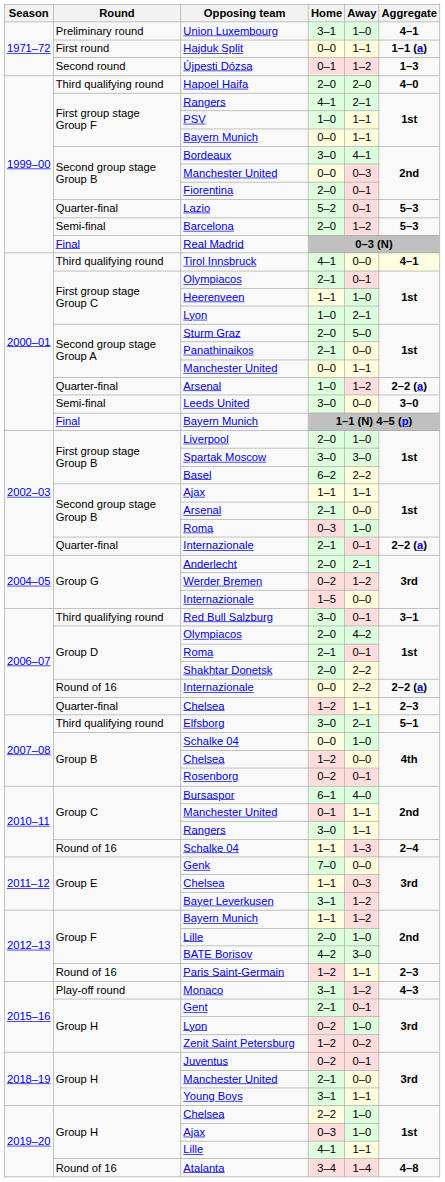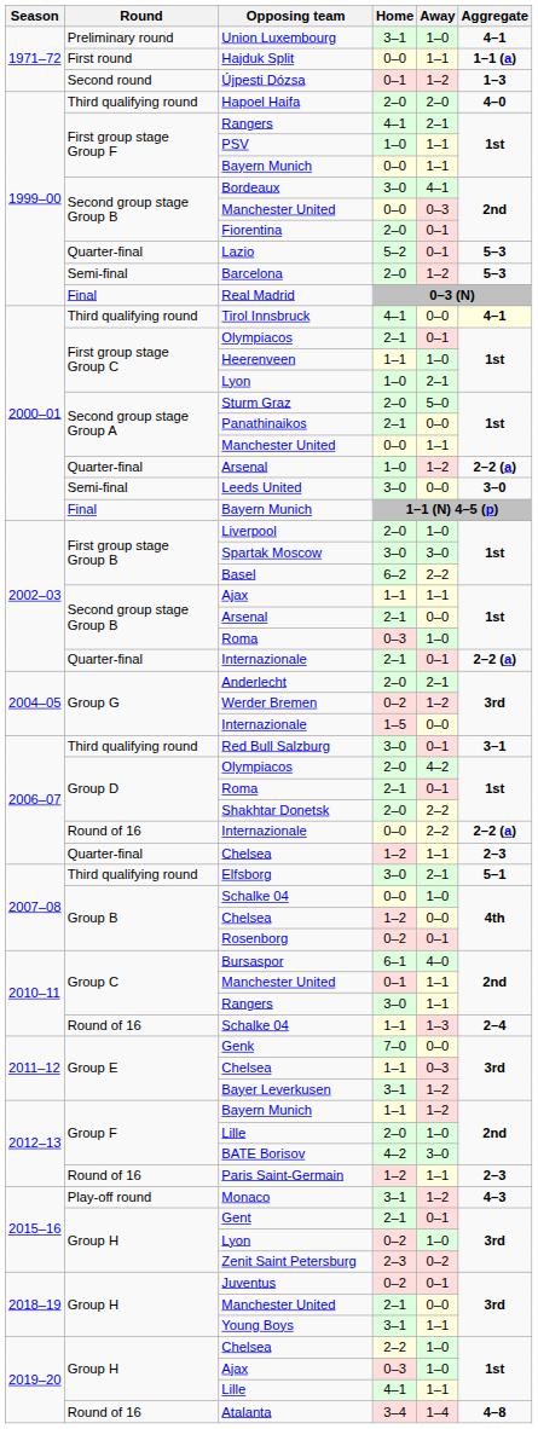 <table class="wikitable">
 <tr>
 <th>Season</th>
 <th width=175>Round</th>
 <th width=175>Opposing team</th>
 <th>Home</th>
 <th>Away</th>
 <th>Aggregate</th>
 </tr>
 <tr>
 <td rowspan="3"><a href='#'>1971–72</a></td>
 <td>Preliminary round</td>
 <td> <a href='#'>Union Luxembourg</a></td>
 <td style="text-align:center; background:#dfd;">3–1</td>
 <td style="text-align:center; background:#dfd;">1–0</td>
 <td style="text-align:center;"><strong>4–1</strong></td>
 </tr>
 <tr>
 <td>First round</td>
 <td> <a href='#'>Hajduk Split</a></td>
 <td style="text-align:center; background:#ffd;">0–0</td>
 <td style="text-align:center; background:#ffd;">1–1</td>
 <td style="text-align:center;"><strong>1–1 (<a href='#'>a</a>)</strong></td>
 </tr>
 <tr>
 <td>Second round</td>
 <td> <a href='#'>Újpesti Dózsa</a></td>
 <td style="text-align:center; background:#fdd;">0–1</td>
 <td style="text-align:center; background:#fdd;">1–2</td>
 <td style="text-align:center;"><strong>1–3</strong></td>
 </tr>
 <tr>
 <td rowspan="10"><a href='#'>1999–00</a></td>
 <td>Third qualifying round</td>
 <td> <a href='#'>Hapoel Haifa</a></td>
 <td style="text-align:center; background:#dfd;">2–0</td>
 <td style="text-align:center; background:#dfd;">2–0</td>
 <td style="text-align:center;"><strong>4–0</strong></td>
 </tr>
 <tr>
 <td rowspan="3">First group stage<br>Group F</td>
 <td> <a href='#'>Rangers</a></td>
 <td style="text-align:center; background:#dfd;">4–1</td>
 <td style="text-align:center; background:#dfd;">2–1</td>
 <td style="text-align:center;" rowspan=3><strong>1st</strong></td>
 </tr>
 <tr>
 <td> <a href='#'>PSV</a></td>
 <td style="text-align:center; background:#dfd;">1–0</td>
 <td style="text-align:center; background:#ffd;">1–1</td>
 </tr>
 <tr>
 <td> <a href='#'>Bayern Munich</a></td>
 <td style="text-align:center; background:#ffd;">0–0</td>
 <td style="text-align:center; background:#ffd;">1–1</td>
 </tr>
 <tr>
 <td rowspan="3">Second group stage<br>Group B</td>
 <td> <a href='#'>Bordeaux</a></td>
 <td style="text-align:center; background:#dfd;">3–0</td>
 <td style="text-align:center; background:#dfd;">4–1</td>
 <td style="text-align:center;" rowspan=3><strong>2nd</strong></td>
 </tr>
 <tr>
 <td> <a href='#'>Manchester United</a></td>
 <td style="text-align:center; background:#ffd;">0–0</td>
 <td style="text-align:center; background:#fdd;">0–3</td>
 </tr>
 <tr>
 <td> <a href='#'>Fiorentina</a></td>
 <td style="text-align:center; background:#dfd;">2–0</td>
 <td style="text-align:center; background:#fdd;">0–1</td>
 </tr>
 <tr>
 <td>Quarter-final</td>
 <td> <a href='#'>Lazio</a></td>
 <td style="text-align:center; background:#dfd;">5–2</td>
 <td style="text-align:center; background:#fdd;">0–1</td>
 <td style="text-align:center;"><strong>5–3</strong></td>
 </tr>
 <tr>
 <td>Semi-final</td>
 <td> <a href='#'>Barcelona</a></td>
 <td style="text-align:center; background:#dfd;">2–0</td>
 <td style="text-align:center; background:#fdd;">1–2</td>
 <td style="text-align:center;"><strong>5–3</strong></td>
 </tr>
 <tr>
 <td><a href='#'>Final</a></td>
 <td> <a href='#'>Real Madrid</a></td>
 <td bgcolor="silver" colspan="3" style="text-align:center;"><strong>0–3 (N)</strong></td>
 </tr>
 <tr>
 <td rowspan="10"><a href='#'>2000–01</a></td>
 <td>Third qualifying round</td>
 <td> <a href='#'>Tirol Innsbruck</a></td>
 <td style="text-align:center; background:#dfd;">4–1</td>
 <td style="text-align:center; background:#ffd;">0–0</td>
 <td style="background: lightyellow; text-align:center;"><strong>4–1</strong></td>
 </tr>
 <tr>
 <td rowspan="3">First group stage<br>Group C</td>
 <td> <a href='#'>Olympiacos</a></td>
 <td style="text-align:center; background:#dfd;">2–1</td>
 <td style="text-align:center; background:#fdd;">0–1</td>
 <td style="text-align:center;" rowspan=3><strong>1st</strong></td>
 </tr>
 <tr>
 <td> <a href='#'>Heerenveen</a></td>
 <td style="text-align:center; background:#ffd;">1–1</td>
 <td style="text-align:center; background:#dfd;">1–0</td>
 </tr>
 <tr>
 <td> <a href='#'>Lyon</a></td>
 <td style="text-align:center; background:#dfd;">1–0</td>
 <td style="text-align:center; background:#dfd;">2–1</td>
 </tr>
 <tr>
 <td rowspan="3">Second group stage<br>Group A</td>
 <td> <a href='#'>Sturm Graz</a></td>
 <td style="text-align:center; background:#dfd;">2–0</td>
 <td style="text-align:center; background:#dfd;">5–0</td>
 <td style="text-align:center;" rowspan=3><strong>1st</strong></td>
 </tr>
 <tr>
 <td> <a href='#'>Panathinaikos</a></td>
 <td style="text-align:center; background:#dfd;">2–1</td>
 <td style="text-align:center; background:#ffd;">0–0</td>
 </tr>
 <tr>
 <td> <a href='#'>Manchester United</a></td>
 <td style="text-align:center; background:#ffd;">0–0</td>
 <td style="text-align:center; background:#ffd;">1–1</td>
 </tr>
 <tr>
 <td>Quarter-final</td>
 <td> <a href='#'>Arsenal</a></td>
 <td style="text-align:center; background:#dfd;">1–0</td>
 <td style="text-align:center; background:#fdd;">1–2</td>
 <td style="text-align:center;"><strong>2–2 (<a href='#'>a</a>)</strong></td>
 </tr>
 <tr>
 <td>Semi-final</td>
 <td> <a href='#'>Leeds United</a></td>
 <td style="text-align:center; background:#dfd;">3–0</td>
 <td style="text-align:center; background:#ffd;">0–0</td>
 <td style="text-align:center;"><strong>3–0</strong></td>
 </tr>
 <tr>
 <td><a href='#'>Final</a></td>
 <td> <a href='#'>Bayern Munich</a></td>
 <td bgcolor="silver" colspan="3" style="text-align:center;"><strong>1–1 (N) 4–5 (<a href='#'>p</a>)</strong></td>
 </tr>
 <tr>
 <td rowspan="7"><a href='#'>2002–03</a></td>
 <td rowspan="3">First group stage<br>Group B</td>
 <td> <a href='#'>Liverpool</a></td>
 <td style="text-align:center; background:#dfd;">2–0</td>
 <td style="text-align:center; background:#dfd;">1–0</td>
 <td style="text-align:center;" rowspan=3><strong>1st</strong></td>
 </tr>
 <tr>
 <td> <a href='#'>Spartak Moscow</a></td>
 <td style="text-align:center; background:#dfd;">3–0</td>
 <td style="text-align:center; background:#dfd;">3–0</td>
 </tr>
 <tr>
 <td> <a href='#'>Basel</a></td>
 <td style="text-align:center; background:#dfd;">6–2</td>
 <td style="text-align:center; background:#ffd;">2–2</td>
 </tr>
 <tr>
 <td rowspan="3">Second group stage<br>Group B</td>
 <td> <a href='#'>Ajax</a></td>
 <td style="text-align:center; background:#ffd;">1–1</td>
 <td style="text-align:center; background:#ffd;">1–1</td>
 <td style="text-align:center;" rowspan=3><strong>1st</strong></td>
 </tr>
 <tr>
 <td> <a href='#'>Arsenal</a></td>
 <td style="text-align:center; background:#dfd;">2–1</td>
 <td style="text-align:center; background:#ffd;">0–0</td>
 </tr>
 <tr>
 <td> <a href='#'>Roma</a></td>
 <td style="text-align:center; background:#fdd;">0–3</td>
 <td style="text-align:center; background:#dfd;">1–0</td>
 </tr>
 <tr>
 <td>Quarter-final</td>
 <td> <a href='#'>Internazionale</a></td>
 <td style="text-align:center; background:#dfd;">2–1</td>
 <td style="text-align:center; background:#fdd;">0–1</td>
 <td style="text-align:center;"><strong>2–2 (<a href='#'>a</a>)</strong></td>
 </tr>
 <tr>
 <td rowspan="3"><a href='#'>2004–05</a></td>
 <td rowspan="3">Group G</td>
 <td> <a href='#'>Anderlecht</a></td>
 <td style="text-align:center; background:#dfd;">2–0</td>
 <td style="text-align:center; background:#dfd;">2–1</td>
 <td style="text-align:center;" rowspan=3><strong>3rd</strong></td>
 </tr>
 <tr>
 <td> <a href='#'>Werder Bremen</a></td>
 <td style="text-align:center; background:#fdd;">0–2</td>
 <td style="text-align:center; background:#fdd;">1–2</td>
 </tr>
 <tr>
 <td> <a href='#'>Internazionale</a></td>
 <td style="text-align:center; background:#fdd;">1–5</td>
 <td style="text-align:center; background:#ffd;">0–0</td>
 </tr>
 <tr>
 <td rowspan="6"><a href='#'>2006–07</a></td>
 <td>Third qualifying round</td>
 <td> <a href='#'>Red Bull Salzburg</a></td>
 <td style="text-align:center; background:#dfd;">3–0</td>
 <td style="text-align:center; background:#fdd;">0–1</td>
 <td style="text-align:center;"><strong>3–1</strong></td>
 </tr>
 <tr>
 <td rowspan="3">Group D</td>
 <td> <a href='#'>Olympiacos</a></td>
 <td style="text-align:center; background:#dfd;">2–0</td>
 <td style="text-align:center; background:#dfd;">4–2</td>
 <td style="text-align:center;" rowspan=3><strong>1st</strong></td>
 </tr>
 <tr>
 <td> <a href='#'>Roma</a></td>
 <td style="text-align:center; background:#dfd;">2–1</td>
 <td style="text-align:center; background:#fdd;">0–1</td>
 </tr>
 <tr>
 <td> <a href='#'>Shakhtar Donetsk</a></td>
 <td style="text-align:center; background:#dfd;">2–0</td>
 <td style="text-align:center; background:#ffd;">2–2</td>
 </tr>
 <tr>
 <td>Round of 16</td>
 <td> <a href='#'>Internazionale</a></td>
 <td style="text-align:center; background:#ffd;">0–0</td>
 <td style="text-align:center; background:#ffd;">2–2</td>
 <td style="text-align:center;"><strong>2–2 (<a href='#'>a</a>)</strong></td>
 </tr>
 <tr>
 <td>Quarter-final</td>
 <td> <a href='#'>Chelsea</a></td>
 <td style="text-align:center; background:#fdd;">1–2</td>
 <td style="text-align:center; background:#ffd;">1–1</td>
 <td style="text-align:center;"><strong>2–3</strong></td>
 </tr>
 <tr>
 <td rowspan="4"><a href='#'>2007–08</a></td>
 <td>Third qualifying round</td>
 <td> <a href='#'>Elfsborg</a></td>
 <td style="text-align:center; background:#dfd;">3–0</td>
 <td style="text-align:center; background:#dfd;">2–1</td>
 <td style="text-align:center;"><strong>5–1</strong></td>
 </tr>
 <tr>
 <td rowspan="3">Group B</td>
 <td> <a href='#'>Schalke 04</a></td>
 <td style="text-align:center; background:#ffd;">0–0</td>
 <td style="text-align:center; background:#dfd;">1–0</td>
 <td style="text-align:center;" rowspan=3><strong>4th</strong></td>
 </tr>
 <tr>
 <td> <a href='#'>Chelsea</a></td>
 <td style="text-align:center; background:#fdd;">1–2</td>
 <td style="text-align:center; background:#ffd;">0–0</td>
 </tr>
 <tr>
 <td> <a href='#'>Rosenborg</a></td>
 <td style="text-align:center; background:#fdd;">0–2</td>
 <td style="text-align:center; background:#fdd;">0–1</td>
 </tr>
 <tr>
 <td rowspan="4"><a href='#'>2010–11</a></td>
 <td rowspan="3">Group C</td>
 <td> <a href='#'>Bursaspor</a></td>
 <td style="text-align:center; background:#dfd;">6–1</td>
 <td style="text-align:center; background:#dfd;">4–0</td>
 <td style="text-align:center;" rowspan=3><strong>2nd</strong></td>
 </tr>
 <tr>
 <td> <a href='#'>Manchester United</a></td>
 <td style="text-align:center; background:#fdd;">0–1</td>
 <td style="text-align:center; background:#ffd;">1–1</td>
 </tr>
 <tr>
 <td> <a href='#'>Rangers</a></td>
 <td style="text-align:center; background:#dfd;">3–0</td>
 <td style="text-align:center; background:#ffd;">1–1</td>
 </tr>
 <tr>
 <td>Round of 16</td>
 <td> <a href='#'>Schalke 04</a></td>
 <td style="text-align:center; background:#ffd;">1–1</td>
 <td style="text-align:center; background:#fdd;">1–3</td>
 <td style="text-align:center;"><strong>2–4</strong></td>
 </tr>
 <tr>
 <td rowspan="3"><a href='#'>2011–12</a></td>
 <td rowspan="3">Group E</td>
 <td> <a href='#'>Genk</a></td>
 <td style="text-align:center; background:#dfd;">7–0</td>
 <td style="text-align:center; background:#ffd;">0–0</td>
 <td style="text-align:center;" rowspan=3><strong>3rd</strong></td>
 </tr>
 <tr>
 <td> <a href='#'>Chelsea</a></td>
 <td style="text-align:center; background:#ffd;">1–1</td>
 <td style="text-align:center; background:#fdd;">0–3</td>
 </tr>
 <tr>
 <td> <a href='#'>Bayer Leverkusen</a></td>
 <td style="text-align:center; background:#dfd;">3–1</td>
 <td style="text-align:center; background:#fdd;">1–2</td>
 </tr>
 <tr>
 <td rowspan="4"><a href='#'>2012–13</a></td>
 <td rowspan="3">Group F</td>
 <td> <a href='#'>Bayern Munich</a></td>
 <td style="text-align:center; background:#ffd;">1–1</td>
 <td style="text-align:center; background:#fdd;">1–2</td>
 <td style="text-align:center;" rowspan=3><strong>2nd</strong></td>
 </tr>
 <tr>
 <td> <a href='#'>Lille</a></td>
 <td style="text-align:center; background:#dfd;">2–0</td>
 <td style="text-align:center; background:#dfd;">1–0</td>
 </tr>
 <tr>
 <td> <a href='#'>BATE Borisov</a></td>
 <td style="text-align:center; background:#dfd;">4–2</td>
 <td style="text-align:center; background:#dfd;">3–0</td>
 </tr>
 <tr>
 <td>Round of 16</td>
 <td> <a href='#'>Paris Saint-Germain</a></td>
 <td style="text-align:center; background:#fdd;">1–2</td>
 <td style="text-align:center; background:#ffd;">1–1</td>
 <td style="text-align:center;"><strong>2–3</strong></td>
 </tr>
 <tr>
 <td rowspan="4"><a href='#'>2015–16</a></td>
 <td>Play-off round</td>
 <td> <a href='#'>Monaco</a></td>
 <td style="text-align:center; background:#dfd;">3–1</td>
 <td style="text-align:center; background:#fdd;">1–2</td>
 <td style="text-align:center;"><strong>4–3</strong></td>
 </tr>
 <tr>
 <td rowspan="3">Group H</td>
 <td> <a href='#'>Gent</a></td>
 <td style="text-align:center; background:#dfd;">2–1</td>
 <td style="text-align:center; background:#fdd;">0–1</td>
 <td style="text-align:center;" rowspan=3><strong>3rd</strong></td>
 </tr>
 <tr>
 <td> <a href='#'>Lyon</a></td>
 <td style="text-align:center; background:#fdd;">0–2</td>
 <td style="text-align:center; background:#dfd;">1–0</td>
 </tr>
 <tr>
 <td> <a href='#'>Zenit Saint Petersburg</a></td>
-<td style="text-align:center; background:#fdd;">1–2</td>
+<td style="text-align:center; background:#fdd;">2–3</td>
 <td style="text-align:center; background:#fdd;">0–2</td>
 </tr>
 <tr>
 <td rowspan="3"><a href='#'>2018–19</a></td>
 <td rowspan="3">Group H</td>
 <td> <a href='#'>Juventus</a></td>
 <td style="text-align:center; background:#fdd;">0–2</td>
 <td style="text-align:center; background:#fdd;">0–1</td>
 <td style="text-align:center;" rowspan=3><strong>3rd</strong></td>
 </tr>
 <tr>
 <td> <a href='#'>Manchester United</a></td>
 <td style="text-align:center; background:#dfd;">2–1</td>
 <td style="text-align:center; background:#ffd;">0–0</td>
 </tr>
 <tr>
 <td> <a href='#'>Young Boys</a></td>
 <td style="text-align:center; background:#dfd;">3–1</td>
 <td style="text-align:center; background:#ffd;">1–1</td>
 </tr>
 <tr>
 <td rowspan="4"><a href='#'>2019–20</a></td>
 <td rowspan="3">Group H</td>
 <td> <a href='#'>Chelsea</a></td>
 <td style="text-align:center; background:#ffd;">2–2</td>
 <td style="text-align:center; background:#dfd;">1–0</td>
 <td style="text-align:center;" rowspan=3><strong>1st</strong></td>
 </tr>
 <tr>
 <td> <a href='#'>Ajax</a></td>
 <td style="text-align:center; background:#fdd;">0–3</td>
 <td style="text-align:center; background:#dfd;">1–0</td>
 </tr>
 <tr>
 <td> <a href='#'>Lille</a></td>
 <td style="text-align:center; background:#dfd;">4–1</td>
 <td style="text-align:center; background:#ffd;">1–1</td>
 </tr>
 <tr>
 <td>Round of 16</td>
 <td> <a href='#'>Atalanta</a></td>
 <td style="text-align:center; background:#fdd;">3–4</td>
 <td style="text-align:center; background:#fdd;">1–4</td>
 <td style="text-align:center;"><strong>4–8</strong></td>
 </tr>
 </table>
